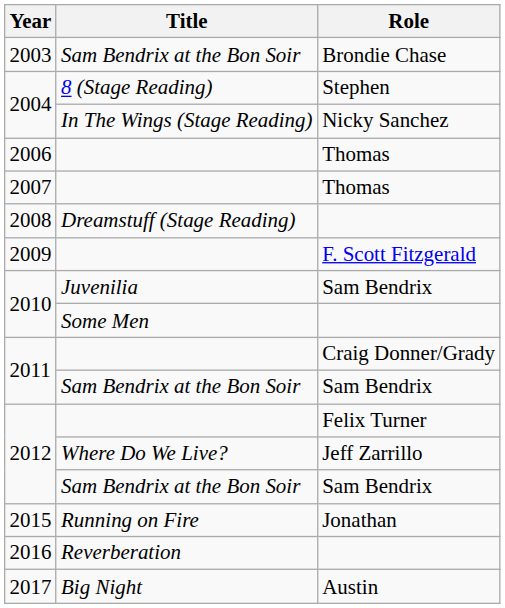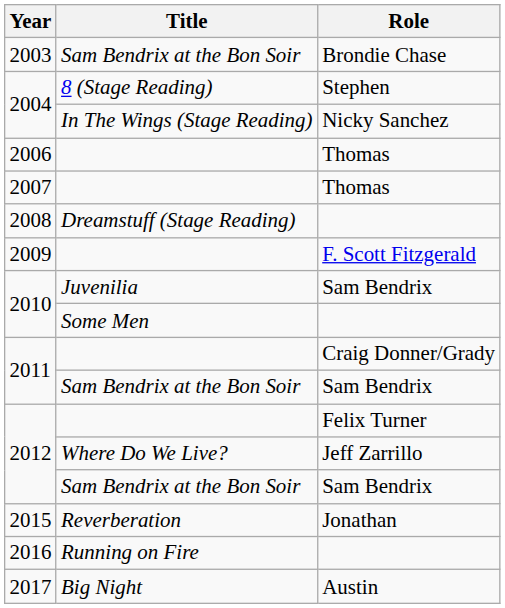 <table class="wikitable sortable">
 <tr>
 <th>Year</th>
 <th>Title</th>
 <th>Role</th>
 </tr>
 <tr>
 <td>2003</td>
 <td><em>Sam Bendrix at the Bon Soir</em></td>
 <td>Brondie Chase</td>
 </tr>
 <tr>
 <td rowspan="2">2004</td>
 <td><em><a href='#'>8</a> (Stage Reading)</em></td>
 <td>Stephen</td>
 </tr>
 <tr>
 <td><em>In The Wings (Stage Reading)</em></td>
 <td>Nicky Sanchez</td>
 </tr>
 <tr>
 <td>2006</td>
 <td><em></em></td>
 <td>Thomas</td>
 </tr>
 <tr>
 <td>2007</td>
 <td><em></em></td>
 <td>Thomas</td>
 </tr>
 <tr>
 <td>2008</td>
 <td><em>Dreamstuff (Stage Reading)</em></td>
 <td></td>
 </tr>
 <tr>
 <td>2009</td>
 <td><em></em></td>
 <td><a href='#'>F. Scott Fitzgerald</a></td>
 </tr>
 <tr>
 <td rowspan="2">2010</td>
 <td><em>Juvenilia</em></td>
 <td>Sam Bendrix</td>
 </tr>
 <tr>
 <td><em>Some Men</em></td>
 <td></td>
 </tr>
 <tr>
 <td rowspan="2">2011</td>
 <td><em></em></td>
 <td>Craig Donner/Grady</td>
 </tr>
 <tr>
 <td><em>Sam Bendrix at the Bon Soir</em></td>
 <td>Sam Bendrix</td>
 </tr>
 <tr>
 <td rowspan="3">2012</td>
 <td><em></em></td>
 <td>Felix Turner</td>
 </tr>
 <tr>
 <td><em>Where Do We Live?</em></td>
 <td>Jeff Zarrillo</td>
 </tr>
 <tr>
 <td><em>Sam Bendrix at the Bon Soir</em></td>
 <td>Sam Bendrix</td>
 </tr>
 <tr>
 <td>2015</td>
-<td><em>Running on Fire</em></td>
+<td><em>Reverberation</em></td>
 <td>Jonathan</td>
 </tr>
 <tr>
 <td>2016</td>
-<td><em>Reverberation</em></td>
+<td><em>Running on Fire</em></td>
 <td></td>
 </tr>
 <tr>
 <td>2017</td>
 <td><em>Big Night</em></td>
 <td>Austin</td>
 </tr>
 </table>
